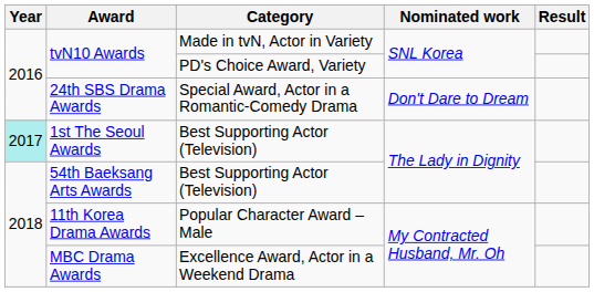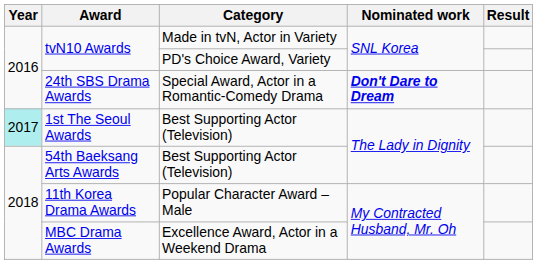 <table class="wikitable">
 <tr>
 <th>Year</th>
 <th>Award</th>
 <th>Category</th>
 <th>Nominated work</th>
 <th>Result</th>
 </tr>
 <tr>
 <td rowspan="3">2016</td>
 <td rowspan="2"><a href='#'>tvN10 Awards</a></td>
 <td>Made in tvN, Actor in Variety</td>
 <td rowspan="2"><em><a href='#'>SNL Korea</a></em></td>
 <td></td>
 </tr>
 <tr>
 <td>PD's Choice Award, Variety</td>
 <td></td>
 </tr>
 <tr>
 <td><a href='#'>24th SBS Drama Awards</a></td>
 <td>Special Award, Actor in a Romantic-Comedy Drama</td>
-<td><em><a href='#'>Don't Dare to Dream</a></em></td>
+<td><strong><em><a href='#'>Don't Dare to Dream</a></em></strong></td>
 <td></td>
 </tr>
 <tr>
 <td style="background: paleturquoise;">2017</td>
 <td><a href='#'>1st The Seoul Awards</a></td>
 <td>Best Supporting Actor (Television)</td>
 <td rowspan="2"><em><a href='#'>The Lady in Dignity</a></em></td>
 <td></td>
 </tr>
 <tr>
 <td rowspan="3">2018</td>
 <td><a href='#'>54th Baeksang Arts Awards</a></td>
 <td>Best Supporting Actor (Television)</td>
 <td></td>
 </tr>
 <tr>
 <td><a href='#'>11th Korea Drama Awards</a></td>
 <td>Popular Character Award – Male</td>
 <td rowspan=2><em><a href='#'>My Contracted Husband, Mr. Oh</a></em></td>
 <td></td>
 </tr>
 <tr>
 <td><a href='#'>MBC Drama Awards</a></td>
 <td>Excellence Award, Actor in a Weekend Drama</td>
 <td></td>
 </tr>
 </table>
